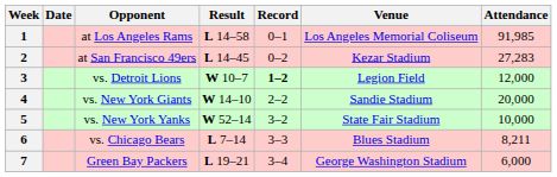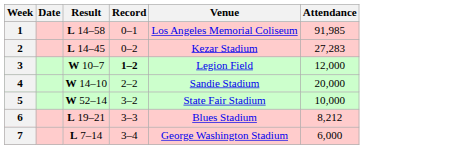 <table class="wikitable" style="text-align:center">
 <tr>
 <th>Week</th>
 <th>Date</th>
-<th>Opponent</th>
 <th>Result</th>
 <th>Record</th>
 <th>Venue</th>
 <th>Attendance</th>
 </tr>
 <tr style="background:#fcc;">
 <th>1</th>
 <td></td>
-<td>at <a href='#'>Los Angeles Rams</a></td>
 <td><strong>L</strong> 14–58</td>
 <td>0–1</td>
 <td><a href='#'>Los Angeles Memorial Coliseum</a></td>
 <td>91,985</td>
 </tr>
 <tr style="background:#fcc;">
 <th>2</th>
 <td></td>
-<td>at <a href='#'>San Francisco 49ers</a></td>
 <td><strong>L</strong> 14–45</td>
 <td>0–2</td>
 <td><a href='#'>Kezar Stadium</a></td>
 <td>27,283</td>
 </tr>
 <tr style="background:#cfc;">
 <th>3</th>
 <td></td>
-<td>vs. <a href='#'>Detroit Lions</a></td>
 <td><strong>W</strong> 10–7</td>
 <td><strong>1–2</strong></td>
 <td><a href='#'>Legion Field</a> </td>
 <td>12,000</td>
 </tr>
 <tr style="background:#cfc;">
 <th>4</th>
 <td></td>
-<td>vs. <a href='#'>New York Giants</a></td>
 <td><strong>W</strong> 14–10</td>
 <td>2–2</td>
 <td><a href='#'>Sandie Stadium</a> </td>
 <td>20,000</td>
 </tr>
 <tr style="background:#cfc;">
 <th>5</th>
 <td></td>
-<td>vs. <a href='#'>New York Yanks</a></td>
 <td><strong>W</strong> 52–14</td>
 <td>3–2</td>
 <td><a href='#'>State Fair Stadium</a> </td>
 <td>10,000</td>
 </tr>
 <tr style="background:#fcc;">
 <th>6</th>
 <td></td>
-<td>vs. <a href='#'>Chicago Bears</a></td>
-<td><strong>L</strong> 7–14</td>
+<td><strong>L</strong> 19–21</td>
 <td>3–3</td>
 <td><a href='#'>Blues Stadium</a> </td>
-<td>8,211</td>
+<td>8,212</td>
 </tr>
 <tr style="background:#fcc;">
 <th>7</th>
 <td></td>
-<td><a href='#'>Green Bay Packers</a></td>
-<td><strong>L</strong> 19–21</td>
+<td><strong>L</strong> 7–14</td>
 <td>3–4</td>
 <td><a href='#'>George Washington Stadium</a> </td>
 <td>6,000</td>
 </tr>
 </table>
